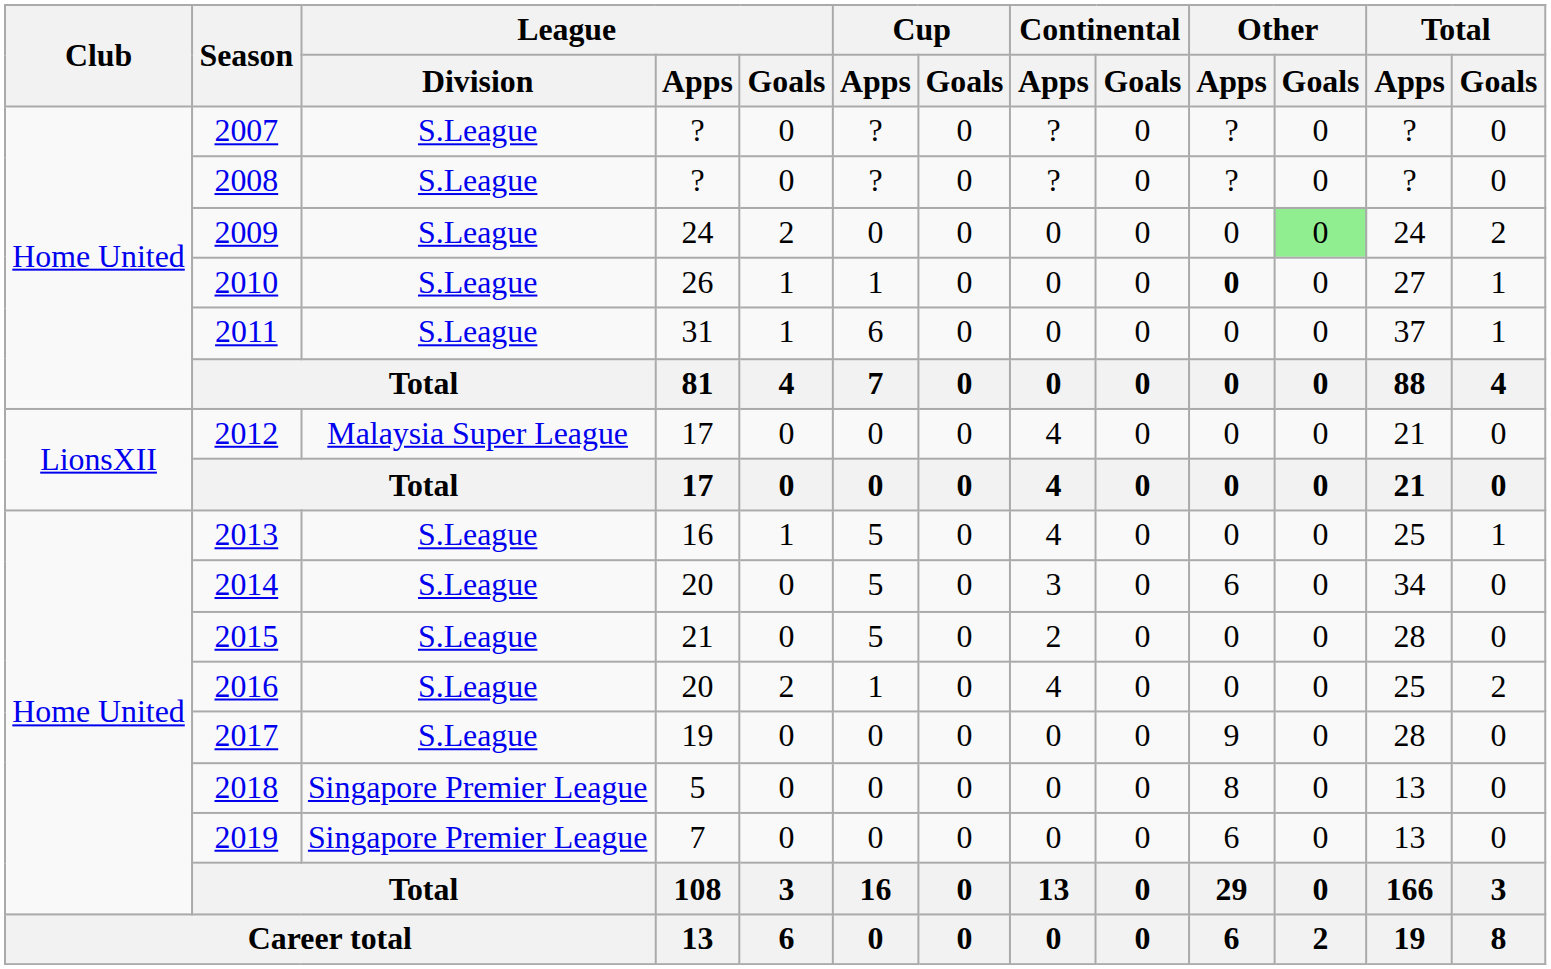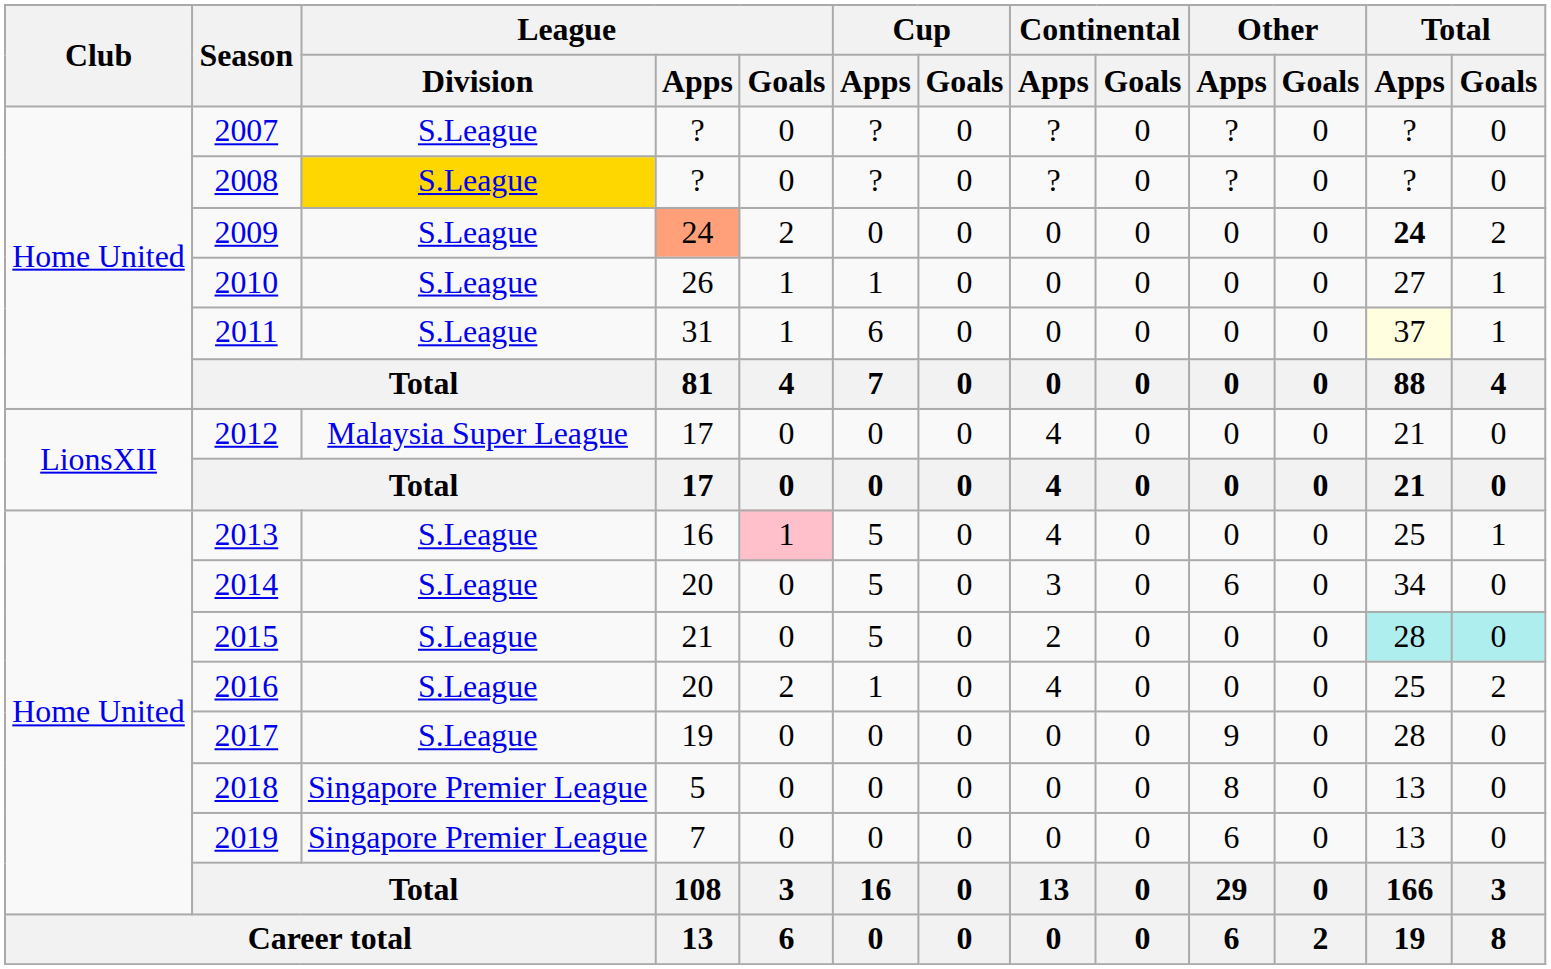 <table class="wikitable" style="text-align: center">
 <tr>
 <th rowspan="2">Club</th>
 <th rowspan="2">Season</th>
 <th colspan="3">League</th>
 <th colspan="2">Cup</th>
 <th colspan="2">Continental</th>
 <th colspan="2">Other</th>
 <th colspan="2">Total</th>
 </tr>
 <tr>
 <th>Division</th>
 <th>Apps</th>
 <th>Goals</th>
 <th>Apps</th>
 <th>Goals</th>
 <th>Apps</th>
 <th>Goals</th>
 <th>Apps</th>
 <th>Goals</th>
 <th>Apps</th>
 <th>Goals</th>
 </tr>
 <tr>
 <td rowspan="6"><a href='#'>Home United</a></td>
 <td><a href='#'>2007</a></td>
 <td><a href='#'>S.League</a></td>
 <td>?</td>
 <td>0</td>
 <td>?</td>
 <td>0</td>
 <td>?</td>
 <td>0</td>
 <td>?</td>
 <td>0</td>
 <td>?</td>
 <td>0</td>
 </tr>
 <tr>
 <td><a href='#'>2008</a></td>
-<td><a href='#'>S.League</a></td>
+<td style="background: gold;"><a href='#'>S.League</a></td>
 <td>?</td>
 <td>0</td>
 <td>?</td>
 <td>0</td>
 <td>?</td>
 <td>0</td>
 <td>?</td>
 <td>0</td>
 <td>?</td>
 <td>0</td>
 </tr>
 <tr>
 <td><a href='#'>2009</a></td>
 <td><a href='#'>S.League</a></td>
-<td>24</td>
+<td style="background: lightsalmon;">24</td>
 <td>2</td>
 <td>0</td>
 <td>0</td>
 <td>0</td>
 <td>0</td>
 <td>0</td>
-<td style="background: lightgreen;">0</td>
-<td>24</td>
+<td>0</td>
+<td><strong>24</strong></td>
 <td>2</td>
 </tr>
 <tr>
 <td><a href='#'>2010</a></td>
 <td><a href='#'>S.League</a></td>
 <td>26</td>
 <td>1</td>
 <td>1</td>
 <td>0</td>
 <td>0</td>
 <td>0</td>
-<td><strong>0</strong></td>
+<td>0</td>
 <td>0</td>
 <td>27</td>
 <td>1</td>
 </tr>
 <tr>
 <td><a href='#'>2011</a></td>
 <td><a href='#'>S.League</a></td>
 <td>31</td>
 <td>1</td>
 <td>6</td>
 <td>0</td>
 <td>0</td>
 <td>0</td>
 <td>0</td>
 <td>0</td>
-<td>37</td>
+<td style="background: lightyellow;">37</td>
 <td>1</td>
 </tr>
 <tr>
 <th colspan=2>Total</th>
 <th>81</th>
 <th>4</th>
 <th>7</th>
 <th>0</th>
 <th>0</th>
 <th>0</th>
 <th>0</th>
 <th>0</th>
 <th>88</th>
 <th>4</th>
 </tr>
 <tr>
 <td rowspan="2"><a href='#'>LionsXII</a></td>
 <td><a href='#'>2012</a></td>
 <td><a href='#'>Malaysia Super League</a></td>
 <td>17</td>
 <td>0</td>
 <td>0</td>
 <td>0</td>
 <td>4</td>
 <td>0</td>
 <td>0</td>
 <td>0</td>
 <td>21</td>
 <td>0</td>
 </tr>
 <tr>
 <th colspan=2>Total</th>
 <th>17</th>
 <th>0</th>
 <th>0</th>
 <th>0</th>
 <th>4</th>
 <th>0</th>
 <th>0</th>
 <th>0</th>
 <th>21</th>
 <th>0</th>
 </tr>
 <tr>
 <td rowspan="8"><a href='#'>Home United</a></td>
 <td><a href='#'>2013</a></td>
 <td><a href='#'>S.League</a></td>
 <td>16</td>
-<td>1</td>
+<td style="background: pink;">1</td>
 <td>5</td>
 <td>0</td>
 <td>4</td>
 <td>0</td>
 <td>0</td>
 <td>0</td>
 <td>25</td>
 <td>1</td>
 </tr>
 <tr>
 <td><a href='#'>2014</a></td>
 <td><a href='#'>S.League</a></td>
 <td>20</td>
 <td>0</td>
 <td>5</td>
 <td>0</td>
 <td>3</td>
 <td>0</td>
 <td>6</td>
 <td>0</td>
 <td>34</td>
 <td>0</td>
 </tr>
 <tr>
 <td><a href='#'>2015</a></td>
 <td><a href='#'>S.League</a></td>
 <td>21</td>
 <td>0</td>
 <td>5</td>
 <td>0</td>
 <td>2</td>
 <td>0</td>
 <td>0</td>
 <td>0</td>
-<td>28</td>
-<td>0</td>
+<td style="background: paleturquoise;">28</td>
+<td style="background: paleturquoise;">0</td>
 </tr>
 <tr>
 <td><a href='#'>2016</a></td>
 <td><a href='#'>S.League</a></td>
 <td>20</td>
 <td>2</td>
 <td>1</td>
 <td>0</td>
 <td>4</td>
 <td>0</td>
 <td>0</td>
 <td>0</td>
 <td>25</td>
 <td>2</td>
 </tr>
 <tr>
 <td><a href='#'>2017</a></td>
 <td><a href='#'>S.League</a></td>
 <td>19</td>
 <td>0</td>
 <td>0</td>
 <td>0</td>
 <td>0</td>
 <td>0</td>
 <td>9</td>
 <td>0</td>
 <td>28</td>
 <td>0</td>
 </tr>
 <tr>
 <td><a href='#'>2018</a></td>
 <td><a href='#'>Singapore Premier League</a></td>
 <td>5</td>
 <td>0</td>
 <td>0</td>
 <td>0</td>
 <td>0</td>
 <td>0</td>
 <td>8</td>
 <td>0</td>
 <td>13</td>
 <td>0</td>
 </tr>
 <tr>
 <td><a href='#'>2019</a></td>
 <td><a href='#'>Singapore Premier League</a></td>
 <td>7</td>
 <td>0</td>
 <td>0</td>
 <td>0</td>
 <td>0</td>
 <td>0</td>
 <td>6</td>
 <td>0</td>
 <td>13</td>
 <td>0</td>
 </tr>
 <tr>
 <th colspan=2>Total</th>
 <th>108</th>
 <th>3</th>
 <th>16</th>
 <th>0</th>
 <th>13</th>
 <th>0</th>
 <th>29</th>
 <th>0</th>
 <th>166</th>
 <th>3</th>
 </tr>
 <tr>
 <th colspan=3>Career total</th>
 <th>13</th>
 <th>6</th>
 <th>0</th>
 <th>0</th>
 <th>0</th>
 <th>0</th>
 <th>6</th>
 <th>2</th>
 <th>19</th>
 <th>8</th>
 </tr>
 </table>
